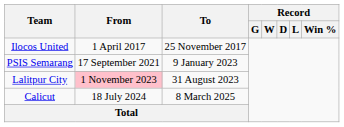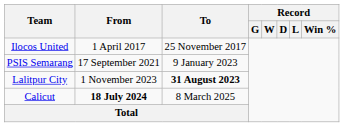 <table class="wikitable" tyle="text-align: center">
 <tr>
 <th rowspan="2">Team</th>
 <th rowspan="2">From</th>
 <th rowspan="2">To</th>
 <th colspan="5">Record</th>
 </tr>
 <tr>
 <th>G</th>
 <th>W</th>
 <th>D</th>
 <th>L</th>
 <th>Win %</th>
 </tr>
 <tr>
 <td align="center"><a href='#'>Ilocos United</a></td>
 <td align="center">1 April 2017</td>
 <td align="center">25 November 2017<br></td>
 </tr>
 <tr>
 <td align="center"><a href='#'>PSIS Semarang</a></td>
 <td align="center">17 September 2021</td>
 <td align="center">9 January 2023<br></td>
 </tr>
 <tr>
 <td align="center"><a href='#'>Lalitpur City</a></td>
-<td align="center" style="background: pink;">1 November 2023</td>
-<td align="center">31 August 2023<br></td>
+<td align="center">1 November 2023</td>
+<td align="center"><strong>31 August 2023<br></strong></td>
 </tr>
 <tr>
 <td align="center"><a href='#'>Calicut</a></td>
-<td align="center">18 July 2024</td>
+<td align="center"><strong>18 July 2024</strong></td>
 <td align="center">8 March 2025<br></td>
 </tr>
 <tr>
 <th colspan="3">Total<br></th>
 </tr>
 </table>
